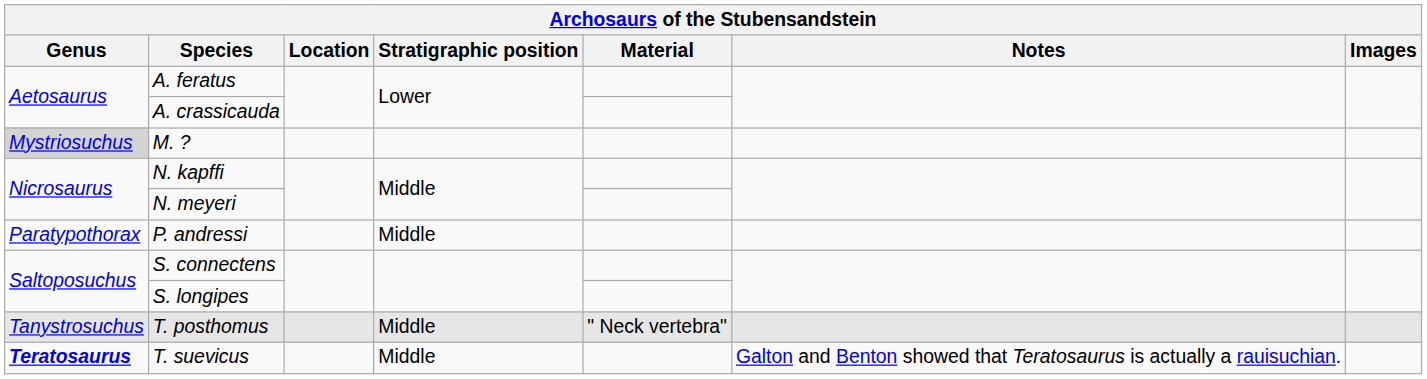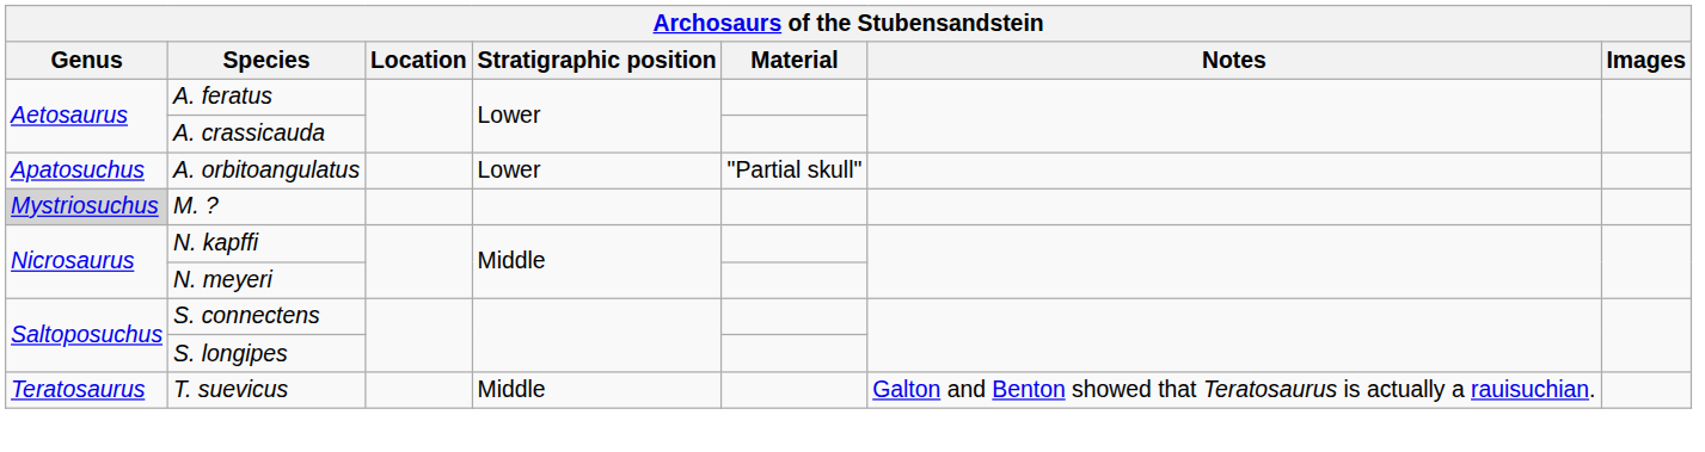 <table class="wikitable" align="center">
 <tr>
 <th colspan="7" align="center"><strong><a href='#'>Archosaurs</a> of the Stubensandstein</strong></th>
 </tr>
 <tr>
 <th>Genus</th>
 <th>Species</th>
 <th>Location</th>
 <th>Stratigraphic position</th>
 <th>Material</th>
 <th>Notes</th>
 <th>Images</th>
 </tr>
 <tr>
 <td rowspan = 2><em><a href='#'>Aetosaurus</a></em></td>
 <td><em>A. feratus</em></td>
 <td rowspan = 2></td>
 <td rowspan = 2>Lower</td>
 <td></td>
 <td rowspan = 2></td>
 <td rowspan = 2></td>
 </tr>
 <tr>
 <td><em>A. crassicauda</em></td>
 </tr>
 <tr>
+<td><em><a href='#'>Apatosuchus</a></em></td>
+<td><em>A. orbitoangulatus</em></td>
+<td></td>
+<td>Lower</td>
+<td>"Partial skull"</td>
+<td></td>
+<td></td>
+</tr>
+<tr>
 <td style="background: lightgrey;"><em><a href='#'>Mystriosuchus</a></em></td>
 <td><em>M. ?</em></td>
 <td></td>
 <td></td>
 <td></td>
 <td></td>
 <td></td>
 </tr>
 <tr>
 <td rowspan = 2><em><a href='#'>Nicrosaurus</a></em></td>
 <td><em>N. kapffi</em></td>
 <td rowspan = 2></td>
 <td rowspan = 2>Middle</td>
 <td></td>
 <td rowspan = 2></td>
 <td rowspan = 2></td>
 </tr>
 <tr>
 <td><em>N. meyeri</em></td>
 </tr>
 <tr>
-<td><em><a href='#'>Paratypothorax</a></em></td>
-<td><em>P. andressi</em></td>
-<td></td>
-<td>Middle</td>
-<td></td>
-<td></td>
-<td></td>
-</tr>
-<tr>
 <td rowspan = 2><em><a href='#'>Saltoposuchus</a></em></td>
 <td><em>S. connectens</em></td>
 <td rowspan = 2></td>
 <td rowspan = 2></td>
 <td></td>
 <td rowspan = 2></td>
 <td rowspan = 2></td>
 </tr>
 <tr>
 <td><em>S. longipes</em></td>
 </tr>
-<tr style="background:#E6E6E6;">
-<td><em><a href='#'>Tanystrosuchus</a></em></td>
-<td><em>T. posthomus</em></td>
-<td></td>
-<td>Middle</td>
-<td>" Neck vertebra"</td>
-<td></td>
-<td></td>
-</tr>
 <tr>
-<td><strong><em><a href='#'>Teratosaurus</a></em></strong></td>
+<td><em><a href='#'>Teratosaurus</a></em></td>
 <td><em>T. suevicus</em></td>
 <td></td>
 <td>Middle</td>
 <td></td>
 <td><a href='#'>Galton</a> and <a href='#'>Benton</a> showed that <em>Teratosaurus</em> is actually a <a href='#'>rauisuchian</a>.</td>
 <td></td>
 </tr>
 </table>
